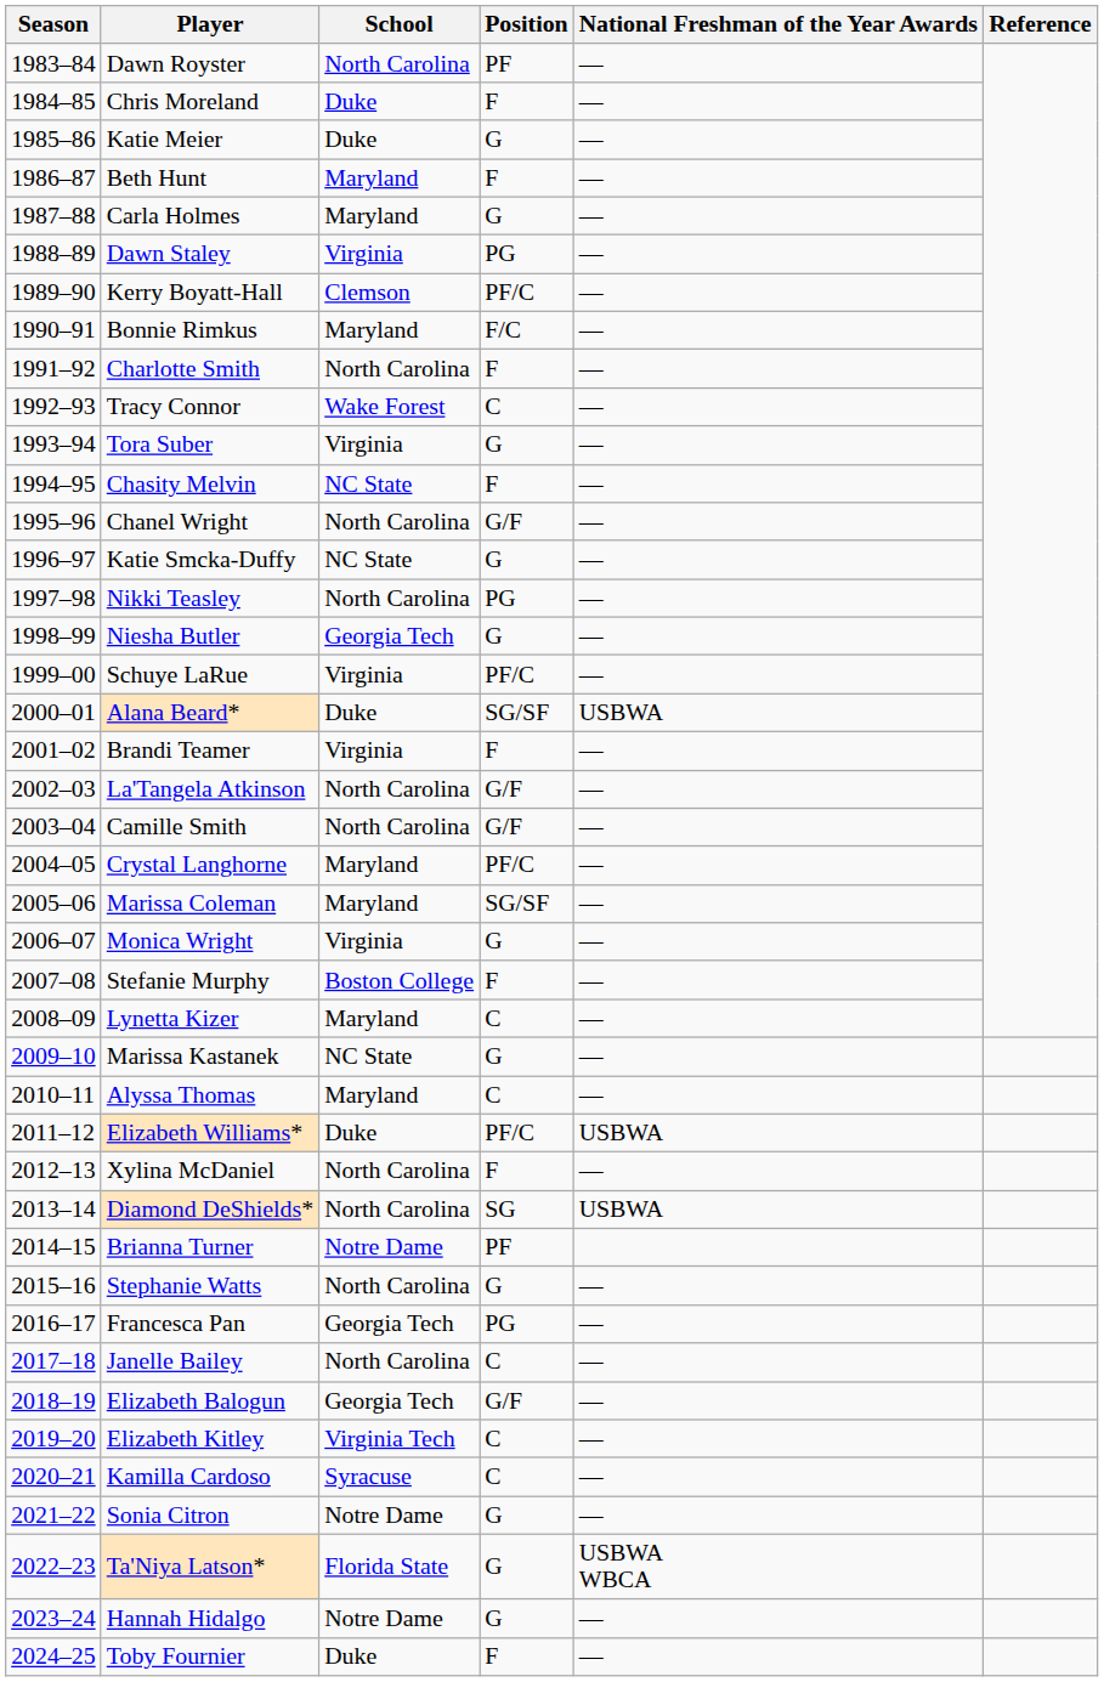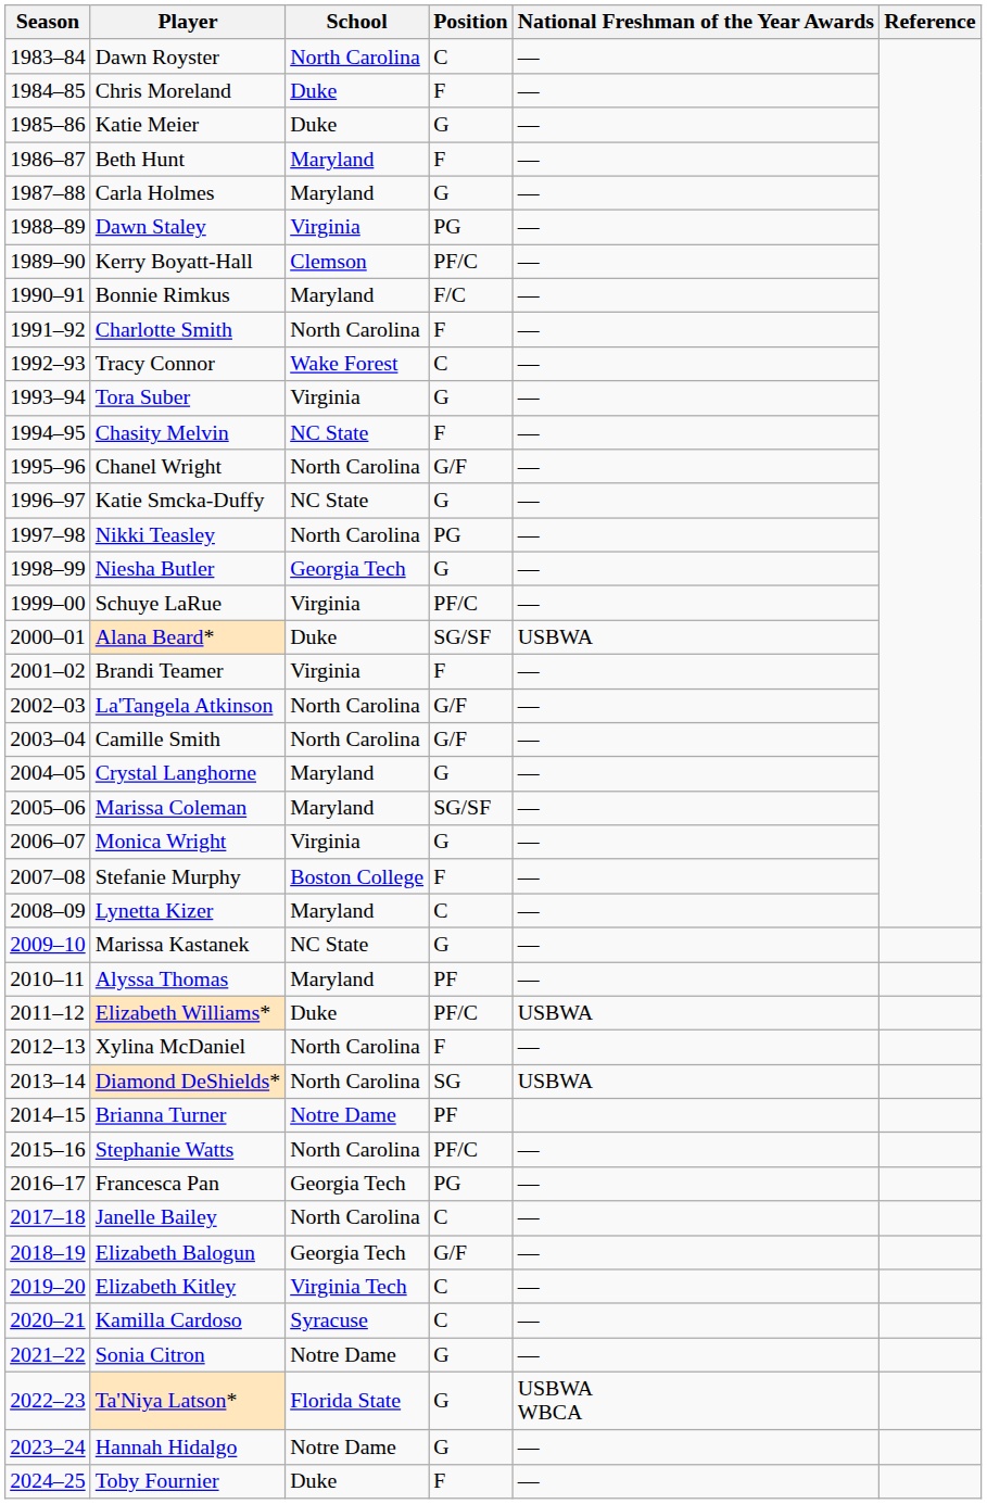 <table class="wikitable sortable">
 <tr>
 <th>Season</th>
 <th>Player</th>
 <th>School</th>
 <th>Position</th>
 <th>National Freshman of the Year Awards</th>
 <th>Reference</th>
 </tr>
 <tr>
 <td>1983–84</td>
 <td>Dawn Royster</td>
 <td><a href='#'>North Carolina</a></td>
-<td>PF</td>
+<td>C</td>
 <td>—</td>
 <td rowspan="26"></td>
 </tr>
 <tr>
 <td>1984–85</td>
 <td>Chris Moreland</td>
 <td><a href='#'>Duke</a></td>
 <td>F</td>
 <td>—</td>
 </tr>
 <tr>
 <td>1985–86</td>
 <td>Katie Meier</td>
 <td>Duke</td>
 <td>G</td>
 <td>—</td>
 </tr>
 <tr>
 <td>1986–87</td>
 <td>Beth Hunt</td>
 <td><a href='#'>Maryland</a></td>
 <td>F</td>
 <td>—</td>
 </tr>
 <tr>
 <td>1987–88</td>
 <td>Carla Holmes</td>
 <td>Maryland</td>
 <td>G</td>
 <td>—</td>
 </tr>
 <tr>
 <td>1988–89</td>
 <td><a href='#'>Dawn Staley</a></td>
 <td><a href='#'>Virginia</a></td>
 <td>PG</td>
 <td>—</td>
 </tr>
 <tr>
 <td>1989–90</td>
 <td>Kerry Boyatt-Hall</td>
 <td><a href='#'>Clemson</a></td>
 <td>PF/C</td>
 <td>—</td>
 </tr>
 <tr>
 <td>1990–91</td>
 <td>Bonnie Rimkus</td>
 <td>Maryland</td>
 <td>F/C</td>
 <td>—</td>
 </tr>
 <tr>
 <td>1991–92</td>
 <td><a href='#'>Charlotte Smith</a></td>
 <td>North Carolina</td>
 <td>F</td>
 <td>—</td>
 </tr>
 <tr>
 <td>1992–93</td>
 <td>Tracy Connor</td>
 <td><a href='#'>Wake Forest</a></td>
 <td>C</td>
 <td>—</td>
 </tr>
 <tr>
 <td>1993–94</td>
 <td><a href='#'>Tora Suber</a></td>
 <td>Virginia</td>
 <td>G</td>
 <td>—</td>
 </tr>
 <tr>
 <td>1994–95</td>
 <td><a href='#'>Chasity Melvin</a></td>
 <td><a href='#'>NC State</a></td>
 <td>F</td>
 <td>—</td>
 </tr>
 <tr>
 <td>1995–96</td>
 <td>Chanel Wright</td>
 <td>North Carolina</td>
 <td>G/F</td>
 <td>—</td>
 </tr>
 <tr>
 <td>1996–97</td>
 <td>Katie Smcka-Duffy</td>
 <td>NC State</td>
 <td>G</td>
 <td>—</td>
 </tr>
 <tr>
 <td>1997–98</td>
 <td><a href='#'>Nikki Teasley</a></td>
 <td>North Carolina</td>
 <td>PG</td>
 <td>—</td>
 </tr>
 <tr>
 <td>1998–99</td>
 <td><a href='#'>Niesha Butler</a></td>
 <td><a href='#'>Georgia Tech</a></td>
 <td>G</td>
 <td>—</td>
 </tr>
 <tr>
 <td>1999–00</td>
 <td>Schuye LaRue</td>
 <td>Virginia</td>
 <td>PF/C</td>
 <td>—</td>
 </tr>
 <tr>
 <td>2000–01</td>
 <td style="background:#ffe6bd;"><a href='#'>Alana Beard</a>*</td>
 <td>Duke</td>
 <td>SG/SF</td>
 <td>USBWA</td>
 </tr>
 <tr>
 <td>2001–02</td>
 <td>Brandi Teamer</td>
 <td>Virginia</td>
 <td>F</td>
 <td>—</td>
 </tr>
 <tr>
 <td>2002–03</td>
 <td><a href='#'>La'Tangela Atkinson</a></td>
 <td>North Carolina</td>
 <td>G/F</td>
 <td>—</td>
 </tr>
 <tr>
 <td>2003–04</td>
 <td>Camille Smith</td>
 <td>North Carolina</td>
 <td>G/F</td>
 <td>—</td>
 </tr>
 <tr>
 <td>2004–05</td>
 <td><a href='#'>Crystal Langhorne</a></td>
 <td>Maryland</td>
-<td>PF/C</td>
+<td>G</td>
 <td>—</td>
 </tr>
 <tr>
 <td>2005–06</td>
 <td><a href='#'>Marissa Coleman</a></td>
 <td>Maryland</td>
 <td>SG/SF</td>
 <td>—</td>
 </tr>
 <tr>
 <td>2006–07</td>
 <td><a href='#'>Monica Wright</a></td>
 <td>Virginia</td>
 <td>G</td>
 <td>—</td>
 </tr>
 <tr>
 <td>2007–08</td>
 <td>Stefanie Murphy</td>
 <td><a href='#'>Boston College</a></td>
 <td>F</td>
 <td>—</td>
 </tr>
 <tr>
 <td>2008–09</td>
 <td><a href='#'>Lynetta Kizer</a></td>
 <td>Maryland</td>
 <td>C</td>
 <td>—</td>
 </tr>
 <tr>
 <td><a href='#'>2009–10</a></td>
 <td>Marissa Kastanek</td>
 <td>NC State</td>
 <td>G</td>
 <td>—</td>
 <td></td>
 </tr>
 <tr>
 <td>2010–11</td>
 <td><a href='#'>Alyssa Thomas</a></td>
 <td>Maryland</td>
-<td>C</td>
+<td>PF</td>
 <td>—</td>
 <td></td>
 </tr>
 <tr>
 <td>2011–12</td>
 <td style="background:#ffe6bd;"><a href='#'>Elizabeth Williams</a>*</td>
 <td>Duke</td>
 <td>PF/C</td>
 <td>USBWA</td>
 <td></td>
 </tr>
 <tr>
 <td>2012–13</td>
 <td>Xylina McDaniel</td>
 <td>North Carolina</td>
 <td>F</td>
 <td>—</td>
 <td></td>
 </tr>
 <tr>
 <td>2013–14</td>
 <td style="background:#ffe6bd;"><a href='#'>Diamond DeShields</a>*</td>
 <td>North Carolina</td>
 <td>SG</td>
 <td>USBWA</td>
 <td></td>
 </tr>
 <tr>
 <td>2014–15</td>
 <td><a href='#'>Brianna Turner</a></td>
 <td><a href='#'>Notre Dame</a></td>
 <td>PF</td>
 <td></td>
 <td></td>
 </tr>
 <tr>
 <td>2015–16</td>
 <td><a href='#'>Stephanie Watts</a></td>
 <td>North Carolina</td>
-<td>G</td>
+<td>PF/C</td>
 <td>—</td>
 <td></td>
 </tr>
 <tr>
 <td>2016–17</td>
 <td>Francesca Pan</td>
 <td>Georgia Tech</td>
 <td>PG</td>
 <td>—</td>
 <td></td>
 </tr>
 <tr>
 <td><a href='#'>2017–18</a></td>
 <td><a href='#'>Janelle Bailey</a></td>
 <td>North Carolina</td>
 <td>C</td>
 <td>—</td>
 <td></td>
 </tr>
 <tr>
 <td><a href='#'>2018–19</a></td>
 <td><a href='#'>Elizabeth Balogun</a></td>
 <td>Georgia Tech</td>
 <td>G/F</td>
 <td>—</td>
 <td></td>
 </tr>
 <tr>
 <td><a href='#'>2019–20</a></td>
 <td><a href='#'>Elizabeth Kitley</a></td>
 <td><a href='#'>Virginia Tech</a></td>
 <td>C</td>
 <td>—</td>
 <td></td>
 </tr>
 <tr>
 <td><a href='#'>2020–21</a></td>
 <td><a href='#'>Kamilla Cardoso</a></td>
 <td><a href='#'>Syracuse</a></td>
 <td>C</td>
 <td>—</td>
 <td></td>
 </tr>
 <tr>
 <td><a href='#'>2021–22</a></td>
 <td><a href='#'>Sonia Citron</a></td>
 <td>Notre Dame</td>
 <td>G</td>
 <td>—</td>
 <td></td>
 </tr>
 <tr>
 <td><a href='#'>2022–23</a></td>
 <td style="background:#ffe6bd;"><a href='#'>Ta'Niya Latson</a>*</td>
 <td><a href='#'>Florida State</a></td>
 <td>G</td>
 <td>USBWA<br>WBCA</td>
 <td></td>
 </tr>
 <tr>
 <td><a href='#'>2023–24</a></td>
 <td><a href='#'>Hannah Hidalgo</a></td>
 <td>Notre Dame</td>
 <td>G</td>
 <td>—</td>
 <td></td>
 </tr>
 <tr>
 <td><a href='#'>2024–25</a></td>
 <td><a href='#'>Toby Fournier</a></td>
 <td>Duke</td>
 <td>F</td>
 <td>—</td>
 <td></td>
 </tr>
 </table>
